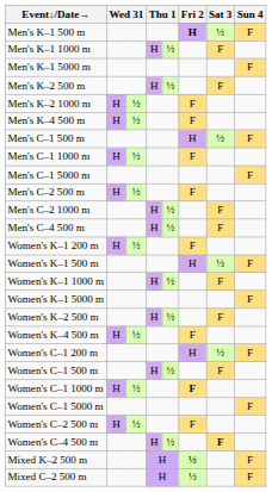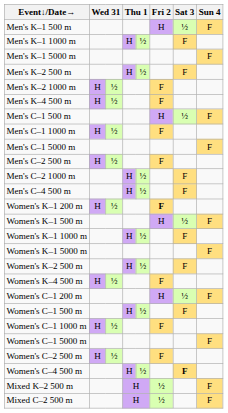 <table class=wikitable style="font-size:90%; text-align:center">
 <tr>
 <th>Event↓/Date→</th>
 <th colspan=2>Wed 31</th>
 <th colspan=2>Thu 1</th>
 <th>Fri 2</th>
 <th>Sat 3</th>
 <th>Sun 4</th>
 </tr>
 <tr>
 <td align=left>Men's K–1 500 m</td>
 <td colspan=2></td>
 <td colspan=2></td>
-<td bgcolor=#d0a9f5><strong>H</strong></td>
+<td bgcolor=#d0a9f5>H</td>
 <td bgcolor=#d9ffb2>½</td>
 <td bgcolor=#ffdf80>F</td>
 </tr>
 <tr>
 <td align=left>Men's K–1 1000 m</td>
 <td colspan=2></td>
 <td bgcolor=#d0a9f5>H</td>
 <td bgcolor=#d9ffb2>½</td>
 <td></td>
 <td bgcolor=#ffdf80>F</td>
 <td></td>
 </tr>
 <tr>
 <td align=left>Men's K–1 5000 m</td>
 <td colspan=2></td>
 <td colspan=2></td>
 <td></td>
 <td></td>
 <td bgcolor=#ffdf80>F</td>
 </tr>
 <tr>
 <td align=left>Men's K–2 500 m</td>
 <td colspan=2></td>
 <td bgcolor=#d0a9f5>H</td>
 <td bgcolor=#d9ffb2>½</td>
 <td></td>
 <td bgcolor=#ffdf80>F</td>
 </tr>
 <tr>
 <td align=left>Men's K–2 1000 m</td>
 <td bgcolor=#d0a9f5>H</td>
 <td bgcolor=#d9ffb2>½</td>
 <td colspan=2></td>
 <td bgcolor=#ffdf80>F</td>
 <td></td>
 <td></td>
 </tr>
 <tr>
 <td align=left>Men's K–4 500 m</td>
 <td bgcolor=#d0a9f5>H</td>
 <td bgcolor=#d9ffb2>½</td>
 <td colspan=2></td>
 <td bgcolor=#ffdf80>F</td>
 <td></td>
 <td></td>
 </tr>
 <tr>
 <td align=left>Men's C–1 500 m</td>
 <td colspan=2></td>
 <td colspan=2></td>
 <td bgcolor=#d0a9f5>H</td>
 <td bgcolor=#d9ffb2>½</td>
 <td bgcolor=#ffdf80>F</td>
 </tr>
 <tr>
 <td align=left>Men's C–1 1000 m</td>
 <td bgcolor=#d0a9f5>H</td>
 <td bgcolor=#d9ffb2>½</td>
 <td colspan=2></td>
 <td bgcolor=#ffdf80>F</td>
 <td></td>
 <td></td>
 </tr>
 <tr>
 <td align=left>Men's C–1 5000 m</td>
 <td colspan=2></td>
 <td colspan=2></td>
 <td></td>
 <td></td>
 <td bgcolor=#ffdf80>F</td>
 </tr>
 <tr>
 <td align=left>Men's C–2 500 m</td>
 <td bgcolor=#d0a9f5>H</td>
 <td bgcolor=#d9ffb2>½</td>
 <td colspan=2></td>
 <td bgcolor=#ffdf80>F</td>
 <td></td>
 <td></td>
 </tr>
 <tr>
 <td align=left>Men's C–2 1000 m</td>
 <td colspan=2></td>
 <td bgcolor=#d0a9f5>H</td>
 <td bgcolor=#d9ffb2>½</td>
 <td></td>
 <td bgcolor=#ffdf80>F</td>
 <td></td>
 </tr>
 <tr>
 <td align=left>Men's C–4 500 m</td>
 <td colspan=2></td>
 <td bgcolor=#d0a9f5>H</td>
 <td bgcolor=#d9ffb2>½</td>
 <td></td>
 <td bgcolor=#ffdf80>F</td>
 <td></td>
 </tr>
 <tr>
 <td align=left>Women's K–1 200 m</td>
 <td bgcolor=#d0a9f5>H</td>
 <td bgcolor=#d9ffb2>½</td>
 <td colspan=2></td>
-<td bgcolor=#ffdf80>F</td>
+<td bgcolor=#ffdf80><strong>F</strong></td>
 <td></td>
 <td></td>
 </tr>
 <tr>
 <td align=left>Women's K–1 500 m</td>
 <td colspan=2></td>
 <td colspan=2></td>
 <td bgcolor=#d0a9f5>H</td>
 <td bgcolor=#d9ffb2>½</td>
 <td bgcolor=#ffdf80>F</td>
 </tr>
 <tr>
 <td align=left>Women's K–1 1000 m</td>
 <td colspan=2></td>
 <td bgcolor=#d0a9f5>H</td>
 <td bgcolor=#d9ffb2>½</td>
 <td></td>
 <td bgcolor=#ffdf80>F</td>
 <td></td>
 </tr>
 <tr>
 <td align=left>Women's K–1 5000 m</td>
 <td colspan=2></td>
 <td colspan=2></td>
 <td></td>
 <td></td>
 <td bgcolor=#ffdf80>F</td>
 </tr>
 <tr>
 <td align=left>Women's K–2 500 m</td>
 <td colspan=2></td>
 <td bgcolor=#d0a9f5>H</td>
 <td bgcolor=#d9ffb2>½</td>
 <td></td>
 <td bgcolor=#ffdf80>F</td>
 <td></td>
 </tr>
 <tr>
 <td align=left>Women's K–4 500 m</td>
 <td bgcolor=#d0a9f5>H</td>
 <td bgcolor=#d9ffb2>½</td>
 <td colspan=2></td>
 <td bgcolor=#ffdf80>F</td>
 <td></td>
 <td></td>
 </tr>
 <tr>
 <td align=left>Women's C–1 200 m</td>
 <td colspan=2></td>
 <td colspan=2></td>
 <td bgcolor=#d0a9f5>H</td>
 <td bgcolor=#d9ffb2>½</td>
 <td bgcolor=#ffdf80>F</td>
 </tr>
 <tr>
 <td align=left>Women's C–1 500 m</td>
 <td colspan=2></td>
 <td bgcolor=#d0a9f5>H</td>
 <td bgcolor=#d9ffb2>½</td>
 <td></td>
 <td bgcolor=#ffdf80>F</td>
 <td></td>
 </tr>
 <tr>
 <td align=left>Women's C–1 1000 m</td>
 <td bgcolor=#d0a9f5>H</td>
 <td bgcolor=#d9ffb2>½</td>
 <td colspan=2></td>
-<td bgcolor=#ffdf80><strong>F</strong></td>
+<td bgcolor=#ffdf80>F</td>
 <td></td>
 <td></td>
 </tr>
 <tr>
 <td align=left>Women's C–1 5000 m</td>
 <td colspan=2></td>
 <td colspan=2></td>
 <td></td>
 <td></td>
 <td bgcolor=#ffdf80>F</td>
 </tr>
 <tr>
 <td align=left>Women's C–2 500 m</td>
 <td bgcolor=#d0a9f5>H</td>
 <td bgcolor=#d9ffb2>½</td>
 <td colspan=2></td>
 <td bgcolor=#ffdf80>F</td>
 <td></td>
 <td></td>
 </tr>
 <tr>
 <td align=left>Women's C–4 500 m</td>
 <td colspan=2></td>
 <td bgcolor=#d0a9f5>H</td>
 <td bgcolor=#d9ffb2>½</td>
 <td></td>
 <td bgcolor=#ffdf80><strong>F</strong></td>
 <td></td>
 </tr>
 <tr>
 <td align=left>Mixed K–2 500 m</td>
 <td colspan=2></td>
 <td colspan=2 bgcolor=#d0a9f5>H</td>
-<td bgcolor=#d9ffb2><strong>½</strong></td>
+<td bgcolor=#d9ffb2>½</td>
 <td></td>
 <td bgcolor=#ffdf80>F</td>
 </tr>
 <tr>
 <td align=left>Mixed C–2 500 m</td>
 <td colspan=2></td>
 <td colspan=2 bgcolor=#d0a9f5>H</td>
 <td bgcolor=#d9ffb2>½</td>
 <td></td>
 <td bgcolor=#ffdf80>F</td>
 </tr>
 </table>
